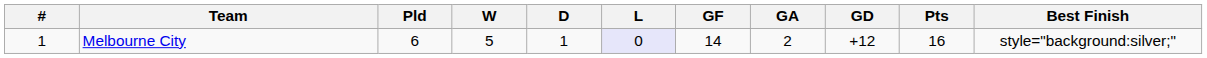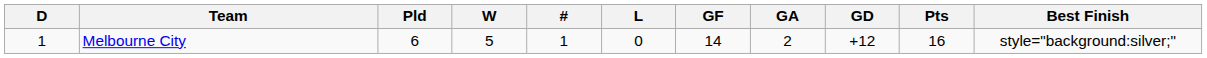 <table class="wikitable sortable" style="text-align:center">
 <tr>
-<th width="5%">#</th>
+<th width="5%">D</th>
 <th width="20%">Team</th>
 <th width="5%">Pld</th>
 <th width="5%">W</th>
-<th width="5%">D</th>
+<th width="5%">#</th>
 <th width="5%">L</th>
 <th width="5%">GF</th>
 <th width="5%">GA</th>
 <th width="5%">GD</th>
 <th width="5%">Pts</th>
 <th width="15%">Best Finish</th>
 </tr>
 <tr>
 <td>1</td>
 <td align="left"><a href='#'>Melbourne City</a></td>
 <td>6</td>
 <td>5</td>
 <td>1</td>
-<td style="background: lavender;">0</td>
+<td>0</td>
 <td>14</td>
 <td>2</td>
 <td>+12</td>
 <td>16</td>
 <td>style="background:silver;" </td>
 </tr>
 </table>
